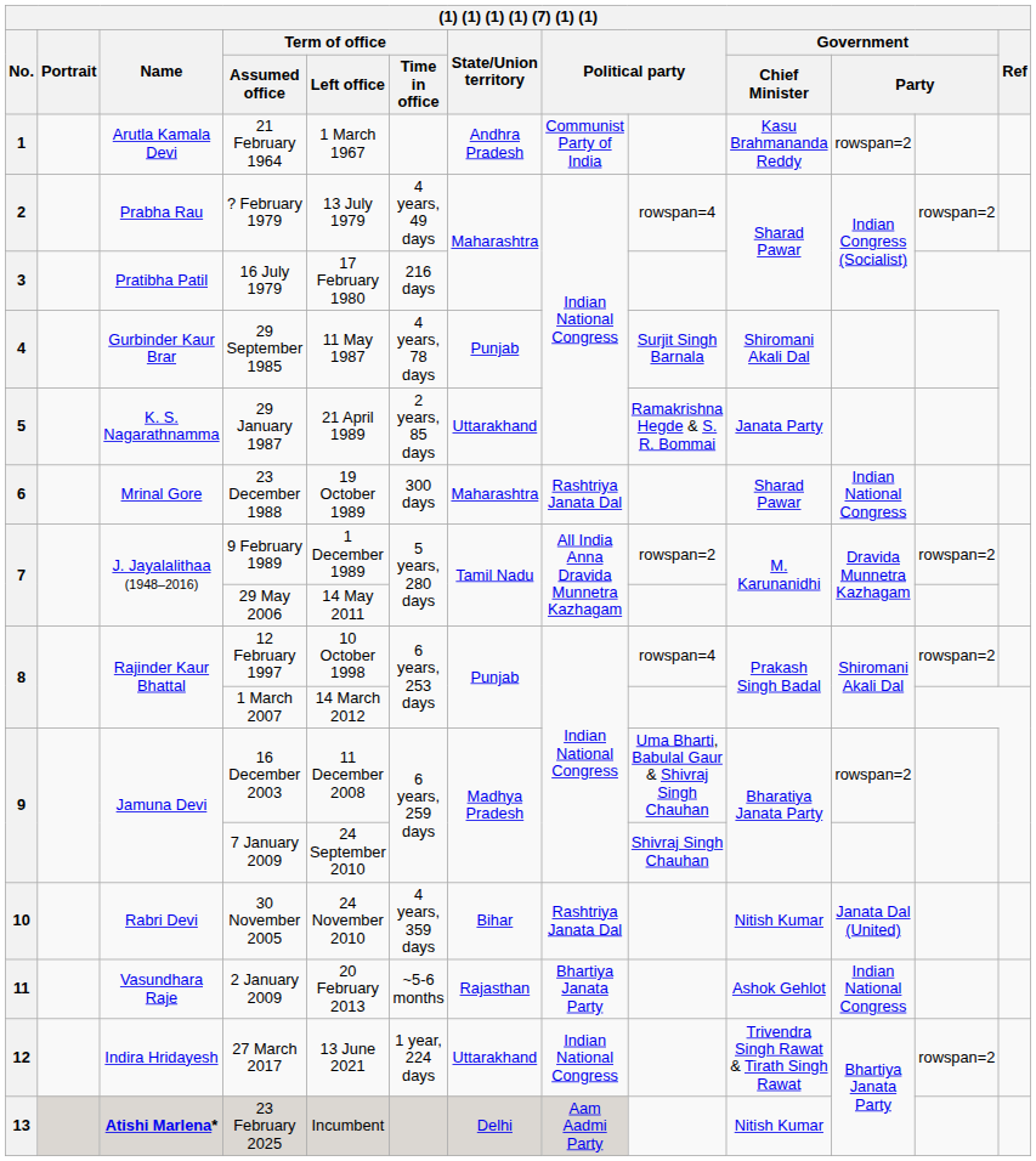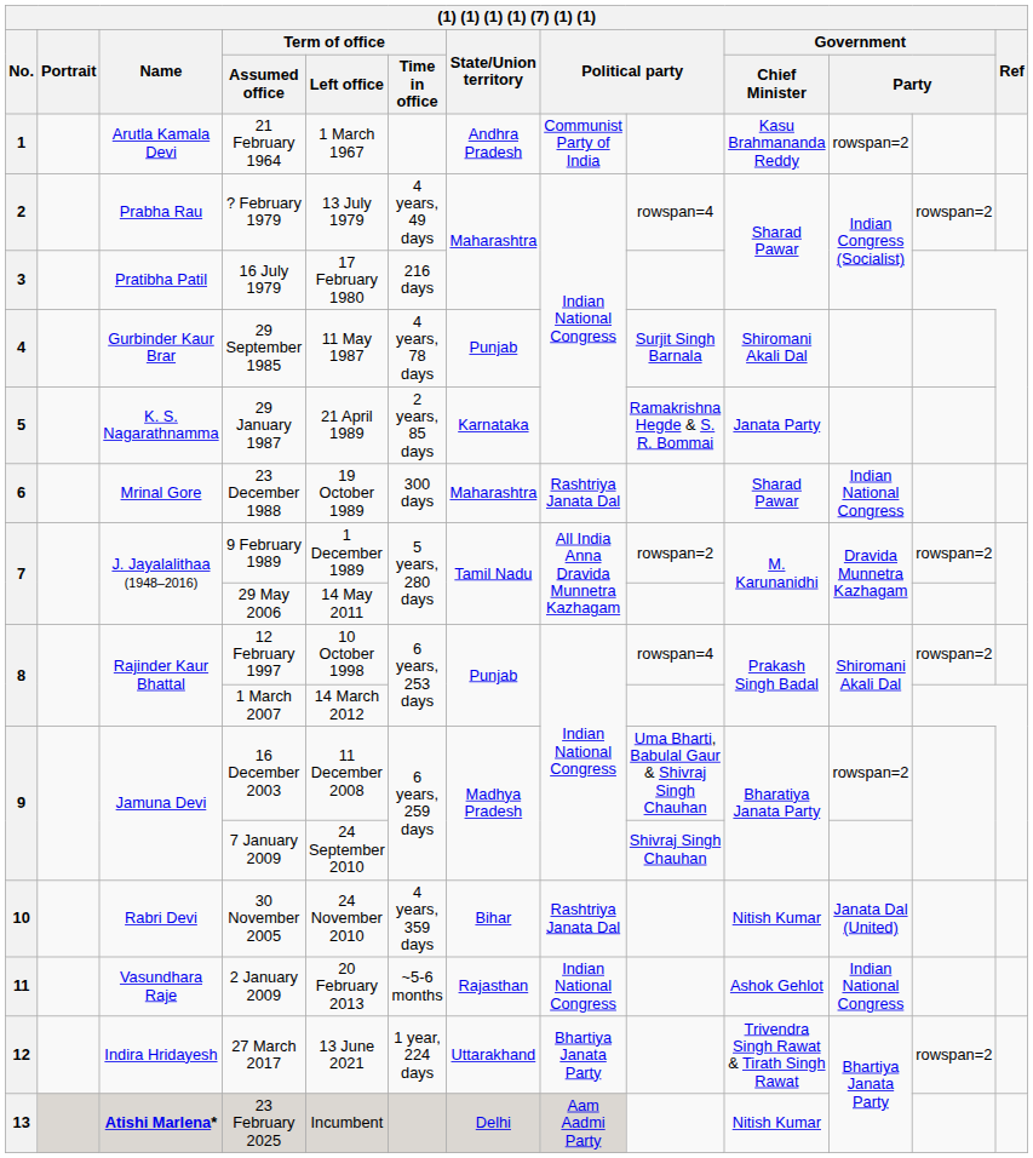 <table class="wikitable sortable" style="text-align:center;">
 <tr>
 <th colspan=13> (1) (1) (1)  (1)  (7) (1)  (1)</th>
 </tr>
 <tr>
 <th rowspan=2>No.</th>
 <th rowspan=2>Portrait</th>
 <th rowspan=2>Name<br><small></small></th>
 <th colspan=3>Term of office</th>
 <th rowspan=2>State/Union territory</th>
 <th rowspan=2 colspan=2>Political party</th>
 <th colspan=3>Government</th>
 <th rowspan=2>Ref</th>
 </tr>
 <tr>
 <th>Assumed office</th>
 <th>Left office</th>
 <th>Time in office</th>
 <th>Chief Minister</th>
 <th colspan=2>Party</th>
 </tr>
 <tr>
 <th>1</th>
 <td></td>
 <td><a href='#'>Arutla Kamala Devi</a><br></td>
 <td>21 February 1964</td>
 <td>1 March 1967</td>
 <td></td>
 <td><a href='#'>Andhra Pradesh</a></td>
 <td><a href='#'>Communist Party of India</a></td>
 <td></td>
 <td><a href='#'>Kasu Brahmananda Reddy</a></td>
 <td>rowspan=2 </td>
 <td></td>
 <td></td>
 </tr>
 <tr>
 <th>2</th>
 <td></td>
 <td><a href='#'>Prabha Rau</a><br><small></small></td>
 <td>? February 1979</td>
 <td>13 July 1979</td>
 <td>4 years, 49 days</td>
 <td rowspan=2><a href='#'>Maharashtra</a></td>
 <td rowspan=4><a href='#'>Indian National Congress</a></td>
 <td>rowspan=4 </td>
 <td rowspan=2><a href='#'>Sharad Pawar</a></td>
 <td rowspan=2><a href='#'>Indian Congress (Socialist)</a></td>
 <td>rowspan=2 </td>
 <td></td>
 </tr>
 <tr>
 <th>3</th>
 <td></td>
 <td><a href='#'>Pratibha Patil</a><br><small></small></td>
 <td>16 July 1979</td>
 <td>17 February 1980</td>
 <td>216 days</td>
 <td></td>
 </tr>
 <tr>
 <th>4</th>
 <td></td>
 <td><a href='#'>Gurbinder Kaur Brar</a><br><small></small></td>
 <td>29 September 1985</td>
 <td>11 May 1987</td>
 <td>4 years, 78 days</td>
 <td><a href='#'>Punjab</a></td>
 <td><a href='#'>Surjit Singh Barnala</a></td>
 <td><a href='#'>Shiromani Akali Dal</a></td>
 <td></td>
 <td></td>
 </tr>
 <tr>
 <th>5</th>
 <td></td>
 <td><a href='#'>K. S. Nagarathnamma</a><br><small></small></td>
 <td>29 January 1987</td>
 <td>21 April 1989</td>
 <td>2 years, 85 days</td>
-<td><a href='#'>Uttarakhand</a></td>
+<td><a href='#'>Karnataka</a></td>
 <td><a href='#'>Ramakrishna Hegde</a> & <a href='#'>S. R. Bommai</a></td>
 <td><a href='#'>Janata Party</a></td>
 <td></td>
 <td></td>
 </tr>
 <tr>
 <th>6</th>
 <td></td>
 <td><a href='#'>Mrinal Gore</a><br></td>
 <td>23 December 1988</td>
 <td>19 October 1989</td>
 <td>300 days</td>
 <td><a href='#'>Maharashtra</a></td>
 <td><a href='#'>Rashtriya Janata Dal</a></td>
 <td></td>
 <td><a href='#'>Sharad Pawar</a></td>
 <td><a href='#'>Indian National Congress</a></td>
 <td></td>
 <td></td>
 </tr>
 <tr>
 <th rowspan=2>7</th>
 <td rowspan=2></td>
 <td rowspan=2><a href='#'>J. Jayalalithaa</a><br><small>(1948–2016)</small></td>
 <td>9 February 1989</td>
 <td>1 December 1989</td>
 <td rowspan=2>5 years, 280 days</td>
 <td rowspan=2><a href='#'>Tamil Nadu</a></td>
 <td rowspan=2><a href='#'>All India Anna Dravida Munnetra Kazhagam</a></td>
 <td>rowspan=2 </td>
 <td rowspan=2><a href='#'>M. Karunanidhi</a></td>
 <td rowspan=2><a href='#'>Dravida Munnetra Kazhagam</a></td>
 <td>rowspan=2 </td>
 <td rowspan=2></td>
 </tr>
 <tr>
 <td>29 May 2006</td>
 <td>14 May 2011</td>
 </tr>
 <tr>
 <th rowspan=2>8</th>
 <td rowspan=2></td>
 <td rowspan=2><a href='#'>Rajinder Kaur Bhattal</a><br><small></small></td>
 <td>12 February 1997</td>
 <td>10 October 1998</td>
 <td rowspan=2>6 years, 253 days</td>
 <td rowspan=2><a href='#'>Punjab</a></td>
 <td rowspan=4><a href='#'>Indian National Congress</a></td>
 <td>rowspan=4 </td>
 <td rowspan=2><a href='#'>Prakash Singh Badal</a></td>
 <td rowspan=2><a href='#'>Shiromani Akali Dal</a></td>
 <td>rowspan=2 </td>
 <td></td>
 </tr>
 <tr>
 <td>1 March 2007</td>
 <td>14 March 2012</td>
 <td></td>
 </tr>
 <tr>
 <th rowspan=2>9</th>
 <td rowspan=2></td>
 <td rowspan=2><a href='#'>Jamuna Devi</a><br><small></small></td>
 <td>16 December 2003</td>
 <td>11 December 2008</td>
 <td rowspan=2>6 years, 259 days</td>
 <td rowspan=2><a href='#'>Madhya Pradesh</a></td>
 <td><a href='#'>Uma Bharti</a>, <a href='#'>Babulal Gaur</a> & <a href='#'>Shivraj Singh Chauhan</a></td>
 <td rowspan=2><a href='#'>Bharatiya Janata Party</a></td>
 <td>rowspan=2 </td>
 <td rowspan=2></td>
 </tr>
 <tr>
 <td>7 January 2009</td>
 <td>24 September 2010</td>
 <td><a href='#'>Shivraj Singh Chauhan</a></td>
 </tr>
 <tr>
 <th>10</th>
 <td></td>
 <td><a href='#'>Rabri Devi</a><br><small></small></td>
 <td>30 November 2005</td>
 <td>24 November 2010</td>
 <td>4 years, 359 days</td>
 <td><a href='#'>Bihar</a></td>
 <td><a href='#'>Rashtriya Janata Dal</a></td>
 <td></td>
 <td><a href='#'>Nitish Kumar</a></td>
 <td><a href='#'>Janata Dal (United)</a></td>
 <td></td>
 <td></td>
 </tr>
 <tr>
 <th>11</th>
 <td></td>
 <td><a href='#'>Vasundhara Raje</a><br><small></small></td>
 <td>2 January 2009</td>
 <td>20 February 2013</td>
 <td>~5-6 months</td>
 <td><a href='#'>Rajasthan</a></td>
-<td><a href='#'>Bhartiya Janata Party</a></td>
+<td><a href='#'>Indian National Congress</a></td>
 <td></td>
 <td><a href='#'>Ashok Gehlot</a></td>
 <td><a href='#'>Indian National Congress</a></td>
 <td></td>
 <td></td>
 </tr>
 <tr>
 <th>12</th>
 <td></td>
 <td><a href='#'>Indira Hridayesh</a><br><small></small></td>
 <td>27 March 2017</td>
 <td>13 June 2021</td>
 <td>1 year, 224 days</td>
 <td><a href='#'>Uttarakhand</a></td>
-<td><a href='#'>Indian National Congress</a></td>
+<td><a href='#'>Bhartiya Janata Party</a></td>
 <td></td>
 <td><a href='#'>Trivendra Singh Rawat</a> & <a href='#'>Tirath Singh Rawat</a></td>
 <td rowspan=2><a href='#'>Bhartiya Janata Party</a></td>
 <td>rowspan=2 </td>
 <td></td>
 </tr>
 <tr>
 <th>13</th>
 <td bgcolor =#DBD7D2></td>
 <td bgcolor =#DBD7D2><strong><a href='#'>Atishi Marlena</a>*</strong><br></td>
 <td bgcolor =#DBD7D2>23 February 2025</td>
 <td bgcolor =#DBD7D2>Incumbent</td>
 <td bgcolor =#DBD7D2></td>
 <td bgcolor =#DBD7D2><a href='#'>Delhi</a></td>
 <td bgcolor =#DBD7D2><a href='#'>Aam Aadmi Party</a></td>
 <td></td>
 <td><a href='#'>Nitish Kumar</a></td>
 <td></td>
 </tr>
 </table>
